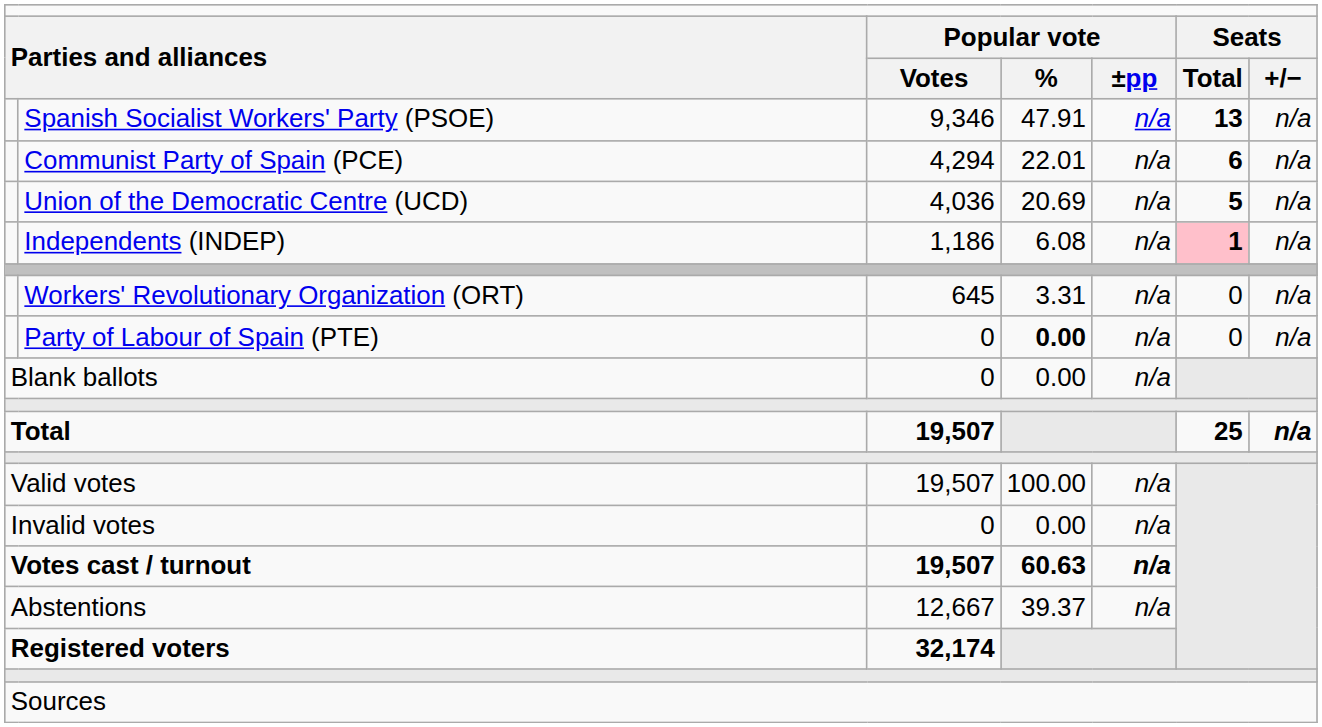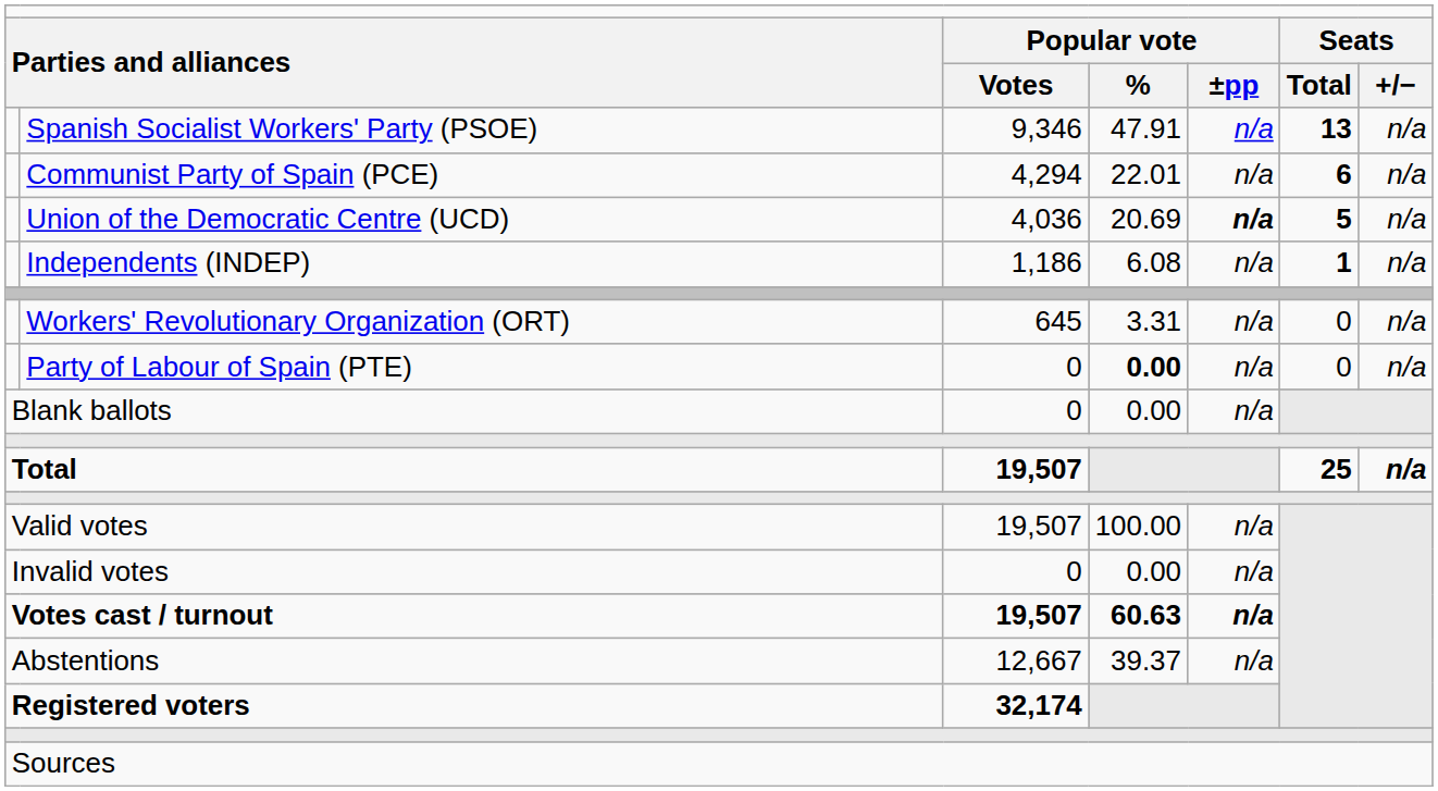 <table class="wikitable" style="text-align:right;">
 <tr>
 <td colspan="7"></td>
 </tr>
 <tr>
 <th style="text-align:left;" rowspan="2" colspan="2" width="525">Parties and alliances</th>
 <th colspan="3">Popular vote</th>
 <th colspan="2">Seats</th>
 </tr>
 <tr>
 <th width="75">Votes</th>
 <th width="45">%</th>
 <th width="45">±<a href='#'>pp</a></th>
 <th width="35">Total</th>
 <th width="35">+/−</th>
 </tr>
 <tr>
 <td width="1" style="color:inherit;background:"></td>
 <td align="left"><a href='#'>Spanish Socialist Workers' Party</a> (PSOE)</td>
 <td>9,346</td>
 <td>47.91</td>
 <td><em><a href='#'>n/a</a></em></td>
 <td><strong>13</strong></td>
 <td><em>n/a</em></td>
 </tr>
 <tr>
 <td style="color:inherit;background:"></td>
 <td align="left"><a href='#'>Communist Party of Spain</a> (PCE)</td>
 <td>4,294</td>
 <td>22.01</td>
 <td><em>n/a</em></td>
 <td><strong>6</strong></td>
 <td><em>n/a</em></td>
 </tr>
 <tr>
 <td style="color:inherit;background:"></td>
 <td align="left"><a href='#'>Union of the Democratic Centre</a> (UCD)</td>
 <td>4,036</td>
 <td>20.69</td>
-<td><em>n/a</em></td>
+<td><strong><em>n/a</em></strong></td>
 <td><strong>5</strong></td>
 <td><em>n/a</em></td>
 </tr>
 <tr>
 <td style="color:inherit;background:"></td>
 <td align="left"><a href='#'>Independents</a> (INDEP)</td>
 <td>1,186</td>
 <td>6.08</td>
 <td><em>n/a</em></td>
-<td style="background: pink;"><strong>1</strong></td>
+<td><strong>1</strong></td>
 <td><em>n/a</em></td>
 </tr>
 <tr>
 <td colspan="7" bgcolor="#C0C0C0"></td>
 </tr>
 <tr>
 <td style="color:inherit;background:"></td>
 <td align="left"><a href='#'>Workers' Revolutionary Organization</a> (ORT)</td>
 <td>645</td>
 <td>3.31</td>
 <td><em>n/a</em></td>
 <td>0</td>
 <td><em>n/a</em></td>
 </tr>
 <tr>
 <td style="color:inherit;background:"></td>
 <td align="left"><a href='#'>Party of Labour of Spain</a> (PTE)</td>
 <td>0</td>
 <td><strong>0.00</strong></td>
 <td><em>n/a</em></td>
 <td>0</td>
 <td><em>n/a</em></td>
 </tr>
 <tr>
 <td align="left" colspan="2">Blank ballots</td>
 <td>0</td>
 <td>0.00</td>
 <td><em>n/a</em></td>
 <td bgcolor="#E9E9E9" colspan="2"></td>
 </tr>
 <tr>
 <td colspan="7" bgcolor="#E9E9E9"></td>
 </tr>
 <tr style="font-weight:bold;">
 <td align="left" colspan="2">Total</td>
 <td>19,507</td>
 <td bgcolor="#E9E9E9" colspan="2"></td>
 <td>25</td>
 <td><em>n/a</em></td>
 </tr>
 <tr>
 <td colspan="7" bgcolor="#E9E9E9"></td>
 </tr>
 <tr>
 <td align="left" colspan="2">Valid votes</td>
 <td>19,507</td>
 <td>100.00</td>
 <td><em>n/a</em></td>
 <td bgcolor="#E9E9E9" colspan="2" rowspan="5"></td>
 </tr>
 <tr>
 <td align="left" colspan="2">Invalid votes</td>
 <td>0</td>
 <td>0.00</td>
 <td><em>n/a</em></td>
 </tr>
 <tr style="font-weight:bold;">
 <td align="left" colspan="2">Votes cast / turnout</td>
 <td>19,507</td>
 <td>60.63</td>
 <td><em>n/a</em></td>
 </tr>
 <tr>
 <td align="left" colspan="2">Abstentions</td>
 <td>12,667</td>
 <td>39.37</td>
 <td><em>n/a</em></td>
 </tr>
 <tr style="font-weight:bold;">
 <td align="left" colspan="2">Registered voters</td>
 <td>32,174</td>
 <td bgcolor="#E9E9E9" colspan="2"></td>
 </tr>
 <tr>
 <td colspan="7" bgcolor="#E9E9E9"></td>
 </tr>
 <tr>
 <td align="left" colspan="7">Sources</td>
 </tr>
 </table>
